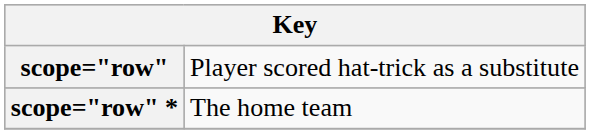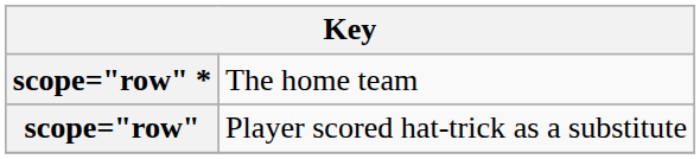 <table class="wikitable plainrowheaders">
 <tr>
 <th colspan=2 scope="col">Key</th>
+</tr>
+<tr>
+<th>scope="row"  *</th>
+<td>The home team</td>
 </tr>
 <tr>
 <th>scope="row"  </th>
 <td>Player scored hat-trick as a substitute</td>
 </tr>
 <tr>
-<th>scope="row"  *</th>
-<td>The home team</td>
-</tr>
-<tr>
 </tr>
 </table>
